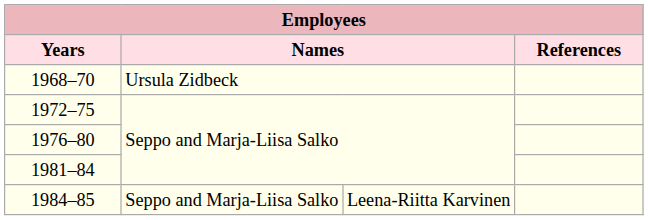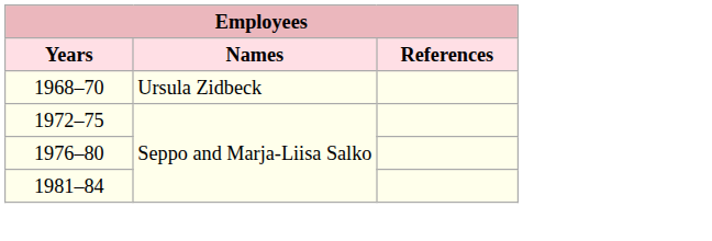 <table class="wikitable" style="font-size:95%; text-align:center; background:#FFFFEB ">
 <tr>
 <td style="background:#EBB7BD;" width=20 colspan=4><strong> Employees</strong></td>
 </tr>
 <tr>
 <th width=90 style=background:#FFDFE5>Years</th>
 <th colspan=2 style=background:#FFDFE5>Names</th>
 <th width=100 style=background:#FFDFE5>References</th>
 </tr>
 <tr>
 <td>1968–70</td>
 <td align=left colspan=2>Ursula Zidbeck</td>
 <td></td>
 </tr>
 <tr>
 <td>1972–75</td>
 <td align=left rowspan=3 colspan=2>Seppo and Marja-Liisa Salko</td>
 <td></td>
 </tr>
 <tr>
 <td>1976–80</td>
 <td></td>
 </tr>
 <tr>
 <td>1981–84</td>
 <td></td>
 </tr>
-<tr>
-<td>1984–85</td>
-<td align=left>Seppo and Marja-Liisa Salko</td>
-<td>Leena-Riitta Karvinen</td>
-<td></td>
-</tr>
 </table>
